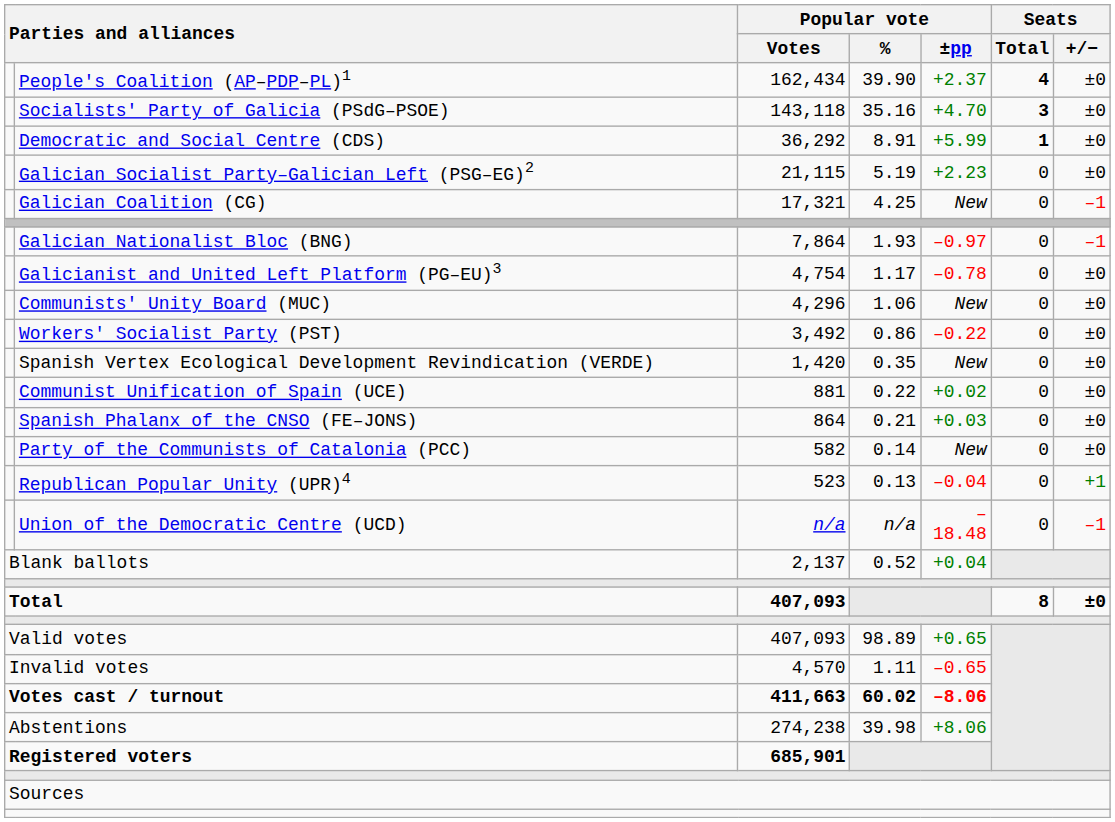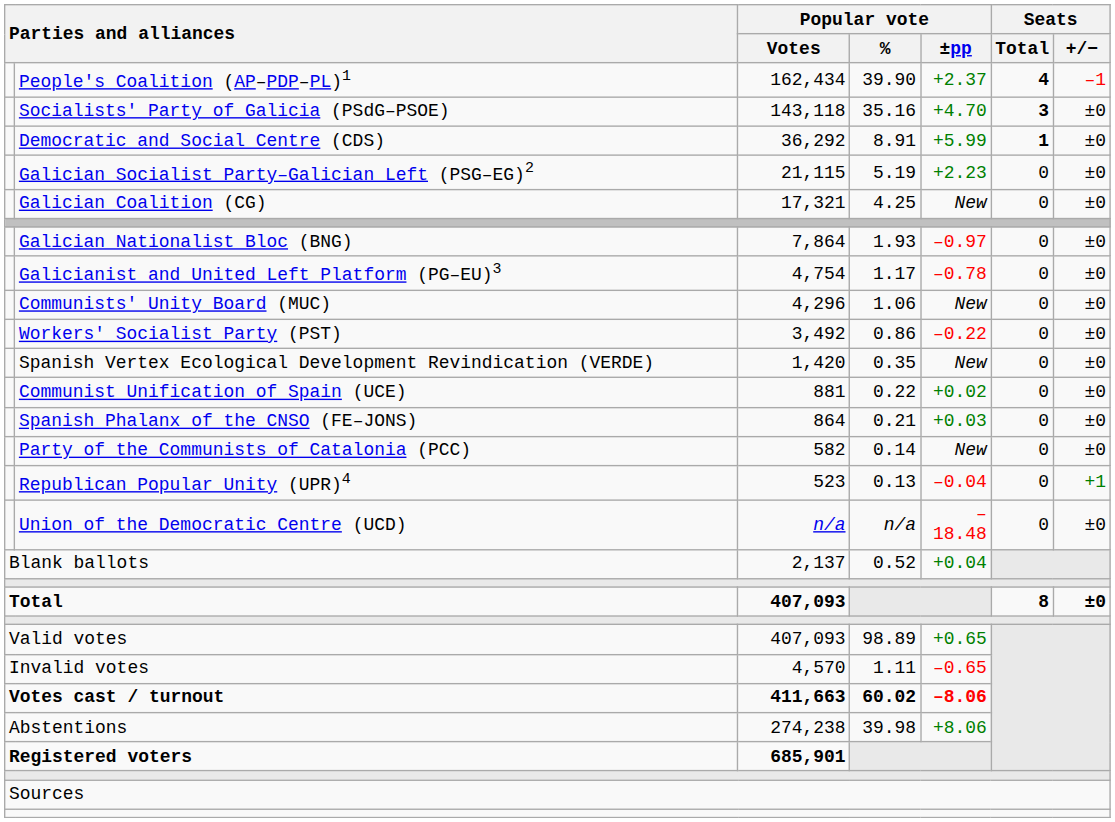 <table class="wikitable" style="text-align:right;">
 <tr>
 <th style="text-align:left;" rowspan="2" colspan="2" width="525">Parties and alliances</th>
 <th colspan="3">Popular vote</th>
 <th colspan="2">Seats</th>
 </tr>
 <tr>
 <th width="75">Votes</th>
 <th width="45">%</th>
 <th width="45">±<a href='#'>pp</a></th>
 <th width="35">Total</th>
 <th width="35">+/−</th>
 </tr>
 <tr>
 <td width="1" style="color:inherit;background:"></td>
 <td align="left"><a href='#'>People's Coalition</a> (<a href='#'>AP</a>–<a href='#'>PDP</a>–<a href='#'>PL</a>)<sup>1</sup></td>
 <td>162,434</td>
 <td>39.90</td>
 <td style="color:green;">+2.37</td>
 <td><strong>4</strong></td>
-<td>±0</td>
+<td style="color:red;">–1</td>
 </tr>
 <tr>
 <td style="color:inherit;background:"></td>
 <td align="left"><a href='#'>Socialists' Party of Galicia</a> (PSdG–PSOE)</td>
 <td>143,118</td>
 <td>35.16</td>
 <td style="color:green;">+4.70</td>
 <td><strong>3</strong></td>
 <td>±0</td>
 </tr>
 <tr>
 <td style="color:inherit;background:"></td>
 <td align="left"><a href='#'>Democratic and Social Centre</a> (CDS)</td>
 <td>36,292</td>
 <td>8.91</td>
 <td style="color:green;">+5.99</td>
 <td><strong>1</strong></td>
 <td>±0</td>
 </tr>
 <tr>
 <td style="color:inherit;background:"></td>
 <td align="left"><a href='#'>Galician Socialist Party–Galician Left</a> (PSG–EG)<sup>2</sup></td>
 <td>21,115</td>
 <td>5.19</td>
 <td style="color:green;">+2.23</td>
 <td>0</td>
 <td>±0</td>
 </tr>
 <tr>
 <td style="color:inherit;background:"></td>
 <td align="left"><a href='#'>Galician Coalition</a> (CG)</td>
 <td>17,321</td>
 <td>4.25</td>
 <td><em>New</em></td>
 <td>0</td>
-<td style="color:red;">–1</td>
+<td>±0</td>
 </tr>
 <tr>
 <td colspan="7" bgcolor="#C0C0C0"></td>
 </tr>
 <tr>
 <td style="color:inherit;background:"></td>
 <td align="left"><a href='#'>Galician Nationalist Bloc</a> (BNG)</td>
 <td>7,864</td>
 <td>1.93</td>
 <td style="color:red;">–0.97</td>
 <td>0</td>
-<td style="color:red;">–1</td>
+<td>±0</td>
 </tr>
 <tr>
 <td style="color:inherit;background:"></td>
 <td align="left"><a href='#'>Galicianist and United Left Platform</a> (PG–EU)<sup>3</sup></td>
 <td>4,754</td>
 <td>1.17</td>
 <td style="color:red;">–0.78</td>
 <td>0</td>
 <td>±0</td>
 </tr>
 <tr>
 <td style="color:inherit;background:"></td>
 <td align="left"><a href='#'>Communists' Unity Board</a> (MUC)</td>
 <td>4,296</td>
 <td>1.06</td>
 <td><em>New</em></td>
 <td>0</td>
 <td>±0</td>
 </tr>
 <tr>
 <td style="color:inherit;background:"></td>
 <td align="left"><a href='#'>Workers' Socialist Party</a> (PST)</td>
 <td>3,492</td>
 <td>0.86</td>
 <td style="color:red;">–0.22</td>
 <td>0</td>
 <td>±0</td>
 </tr>
 <tr>
 <td style="color:inherit;background:"></td>
 <td align="left">Spanish Vertex Ecological Development Revindication (VERDE)</td>
 <td>1,420</td>
 <td>0.35</td>
 <td><em>New</em></td>
 <td>0</td>
 <td>±0</td>
 </tr>
 <tr>
 <td style="color:inherit;background:"></td>
 <td align="left"><a href='#'>Communist Unification of Spain</a> (UCE)</td>
 <td>881</td>
 <td>0.22</td>
 <td style="color:green;">+0.02</td>
 <td>0</td>
 <td>±0</td>
 </tr>
 <tr>
 <td style="color:inherit;background:"></td>
 <td align="left"><a href='#'>Spanish Phalanx of the CNSO</a> (FE–JONS)</td>
 <td>864</td>
 <td>0.21</td>
 <td style="color:green;">+0.03</td>
 <td>0</td>
 <td>±0</td>
 </tr>
 <tr>
 <td style="color:inherit;background:"></td>
 <td align="left"><a href='#'>Party of the Communists of Catalonia</a> (PCC)</td>
 <td>582</td>
 <td>0.14</td>
 <td><em>New</em></td>
 <td>0</td>
 <td>±0</td>
 </tr>
 <tr>
 <td style="color:inherit;background:"></td>
 <td align="left"><a href='#'>Republican Popular Unity</a> (UPR)<sup>4</sup></td>
 <td>523</td>
 <td>0.13</td>
 <td style="color:red;">–0.04</td>
 <td>0</td>
 <td style="color:green;">+1</td>
 </tr>
 <tr>
 <td style="color:inherit;background:"></td>
 <td align="left"><a href='#'>Union of the Democratic Centre</a> (UCD)</td>
 <td><em><a href='#'>n/a</a></em></td>
 <td><em>n/a</em></td>
 <td style="color:red;">–18.48</td>
 <td>0</td>
-<td style="color:red;">–1</td>
+<td>±0</td>
 </tr>
 <tr>
 <td align="left" colspan="2">Blank ballots</td>
 <td>2,137</td>
 <td>0.52</td>
 <td style="color:green;">+0.04</td>
 <td bgcolor="#E9E9E9" colspan="2"></td>
 </tr>
 <tr>
 <td colspan="7" bgcolor="#E9E9E9"></td>
 </tr>
 <tr style="font-weight:bold;">
 <td align="left" colspan="2">Total</td>
 <td>407,093</td>
 <td bgcolor="#E9E9E9" colspan="2"></td>
 <td>8</td>
 <td>±0</td>
 </tr>
 <tr>
 <td colspan="7" bgcolor="#E9E9E9"></td>
 </tr>
 <tr>
 <td align="left" colspan="2">Valid votes</td>
 <td>407,093</td>
 <td>98.89</td>
 <td style="color:green;">+0.65</td>
 <td bgcolor="#E9E9E9" colspan="2" rowspan="5"></td>
 </tr>
 <tr>
 <td align="left" colspan="2">Invalid votes</td>
 <td>4,570</td>
 <td>1.11</td>
 <td style="color:red;">–0.65</td>
 </tr>
 <tr style="font-weight:bold;">
 <td align="left" colspan="2">Votes cast / turnout</td>
 <td>411,663</td>
 <td>60.02</td>
 <td style="color:red;">–8.06</td>
 </tr>
 <tr>
 <td align="left" colspan="2">Abstentions</td>
 <td>274,238</td>
 <td>39.98</td>
 <td style="color:green;">+8.06</td>
 </tr>
 <tr style="font-weight:bold;">
 <td align="left" colspan="2">Registered voters</td>
 <td>685,901</td>
 <td bgcolor="#E9E9E9" colspan="2"></td>
 </tr>
 <tr>
 <td colspan="7" bgcolor="#E9E9E9"></td>
 </tr>
 <tr>
 <td align="left" colspan="7">Sources</td>
 </tr>
 <tr>
 <td colspan="7" style="text-align:left; max-width:790px;"></td>
 </tr>
 </table>
